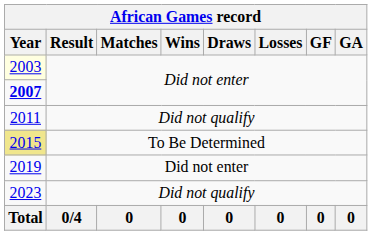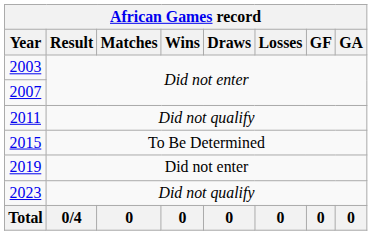 <table class="wikitable" style="text-align: center;">
 <tr>
 <th colspan=8><a href='#'>African Games</a> record</th>
 </tr>
 <tr>
 <th>Year</th>
 <th>Result</th>
 <th>Matches</th>
 <th>Wins</th>
 <th>Draws</th>
 <th>Losses</th>
 <th>GF</th>
 <th>GA</th>
 </tr>
 <tr>
-<td style="background: lightyellow;"> <a href='#'>2003</a></td>
+<td> <a href='#'>2003</a></td>
 <td rowspan=2 colspan=8><em>Did not enter</em></td>
 </tr>
 <tr>
-<td><strong> <a href='#'>2007</a></strong></td>
+<td> <a href='#'>2007</a></td>
 </tr>
 <tr>
 <td> <a href='#'>2011</a></td>
 <td colspan=8><em>Did not qualify</em></td>
 </tr>
 <tr>
-<td style="background: khaki;"> <a href='#'>2015</a></td>
+<td> <a href='#'>2015</a></td>
 <td colspan=8>To Be Determined</td>
 </tr>
 <tr>
 <td> <a href='#'>2019</a></td>
 <td colspan=8>Did not enter</td>
 </tr>
 <tr>
 <td> <a href='#'>2023</a></td>
 <td colspan=8><em>Did not qualify</em></td>
 </tr>
 <tr>
 <th>Total</th>
 <th>0/4</th>
 <th>0</th>
 <th>0</th>
 <th>0</th>
 <th>0</th>
 <th>0</th>
 <th>0</th>
 </tr>
 </table>
